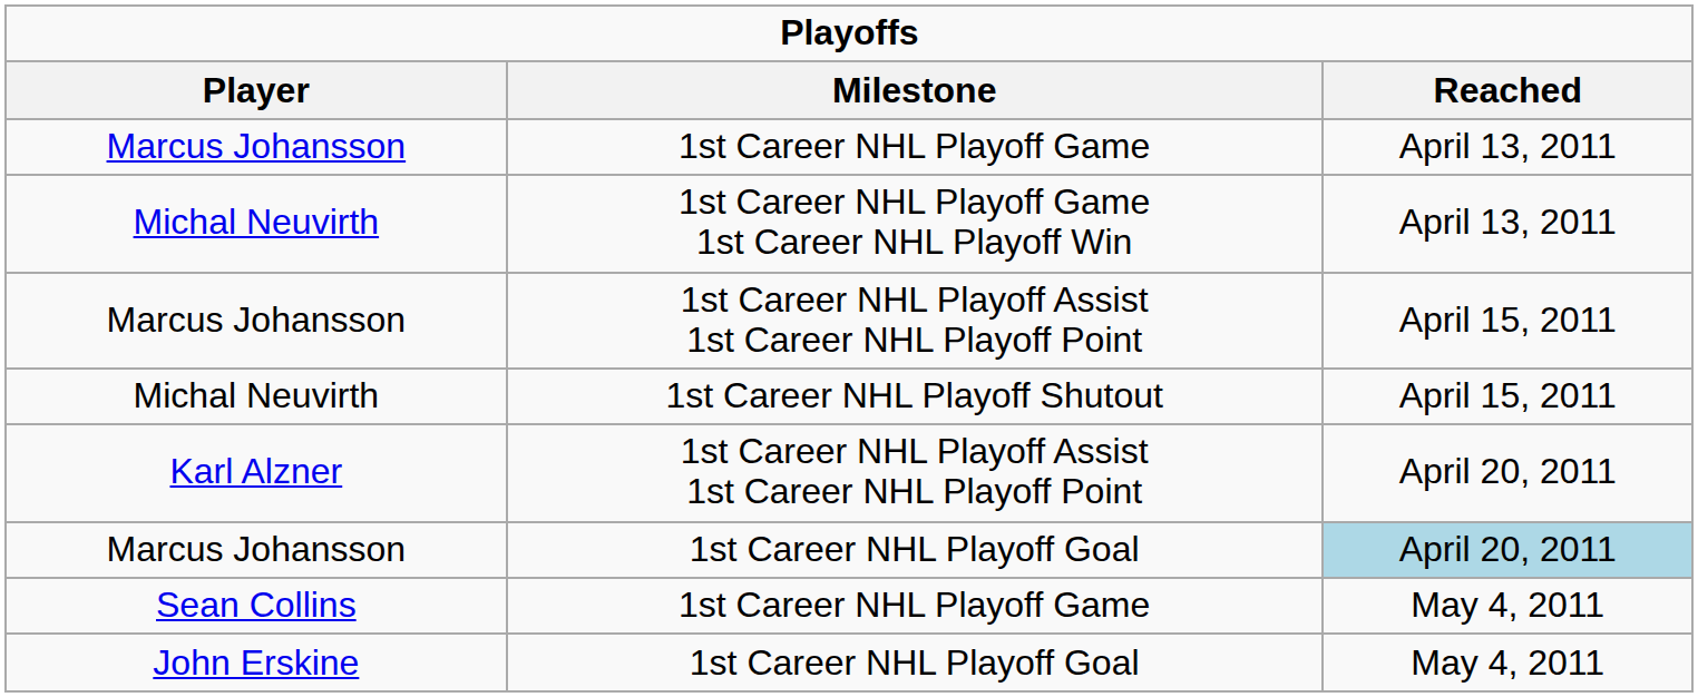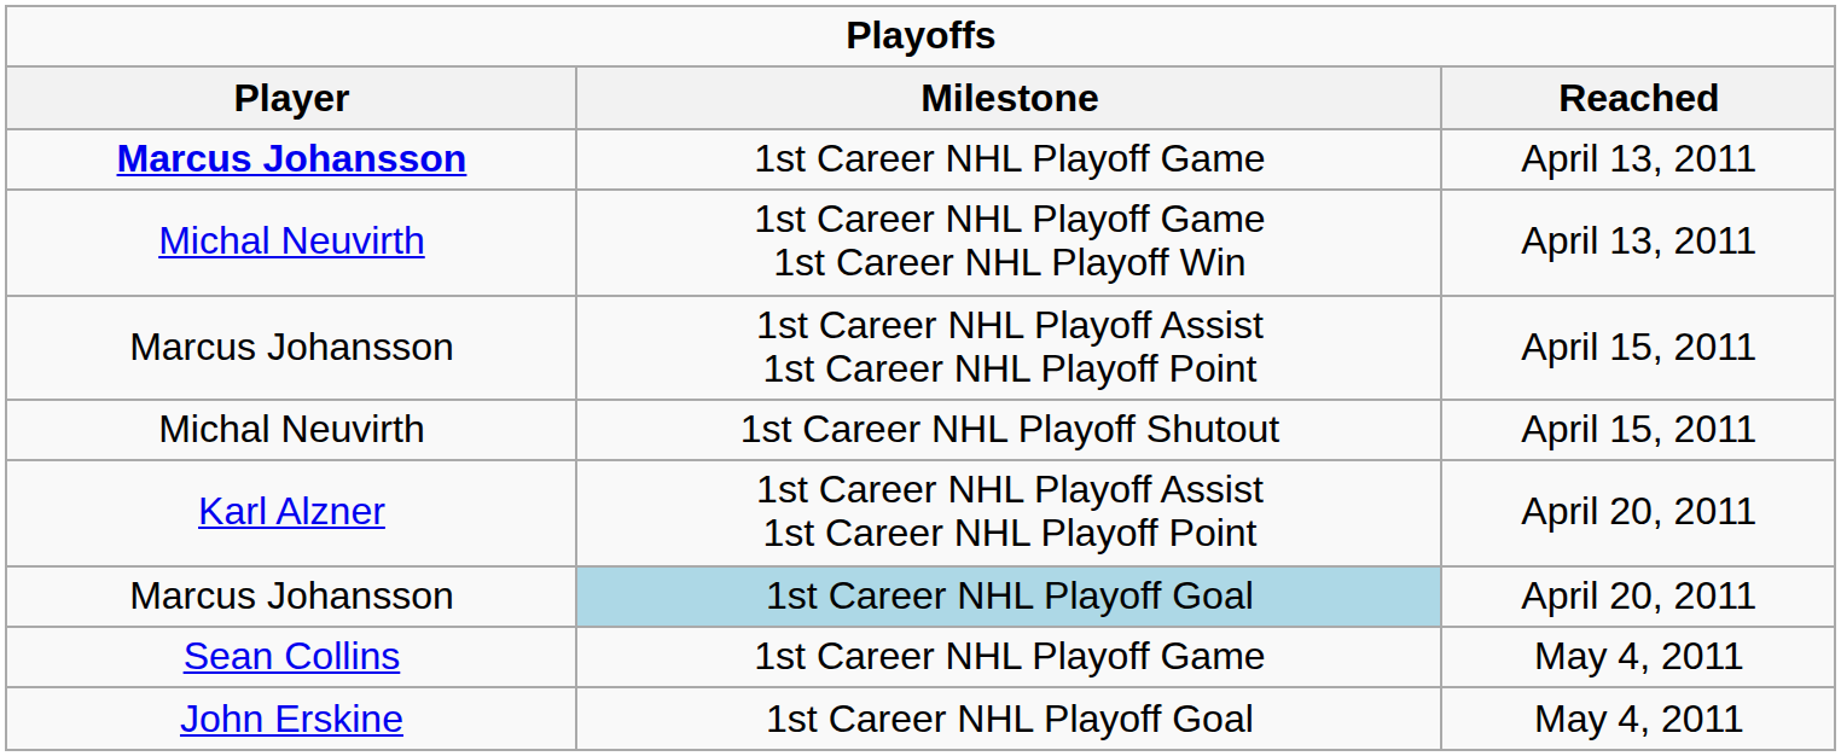 <table class="wikitable" width="60%" style="text-align:center">
 <tr>
 <td colspan="10" align="center"><strong>Playoffs</strong></td>
 </tr>
 <tr>
 <th>Player</th>
 <th>Milestone</th>
 <th>Reached</th>
 </tr>
 <tr>
-<td><a href='#'>Marcus Johansson</a></td>
+<td><strong><a href='#'>Marcus Johansson</a></strong></td>
 <td>1st Career NHL Playoff Game</td>
 <td>April 13, 2011</td>
 </tr>
 <tr>
 <td><a href='#'>Michal Neuvirth</a></td>
 <td>1st Career NHL Playoff Game<br>1st Career NHL Playoff Win</td>
 <td>April 13, 2011</td>
 </tr>
 <tr>
 <td>Marcus Johansson</td>
 <td>1st Career NHL Playoff Assist<br>1st Career NHL Playoff Point</td>
 <td>April 15, 2011</td>
 </tr>
 <tr>
 <td>Michal Neuvirth</td>
 <td>1st Career NHL Playoff Shutout</td>
 <td>April 15, 2011</td>
 </tr>
 <tr>
 <td><a href='#'>Karl Alzner</a></td>
 <td>1st Career NHL Playoff Assist<br>1st Career NHL Playoff Point</td>
 <td>April 20, 2011</td>
 </tr>
 <tr>
 <td>Marcus Johansson</td>
-<td>1st Career NHL Playoff Goal</td>
-<td style="background: lightblue;">April 20, 2011</td>
+<td style="background: lightblue;">1st Career NHL Playoff Goal</td>
+<td>April 20, 2011</td>
 </tr>
 <tr>
 <td><a href='#'>Sean Collins</a></td>
 <td>1st Career NHL Playoff Game</td>
 <td>May 4, 2011</td>
 </tr>
 <tr>
 <td><a href='#'>John Erskine</a></td>
 <td>1st Career NHL Playoff Goal</td>
 <td>May 4, 2011</td>
 </tr>
 </table>
